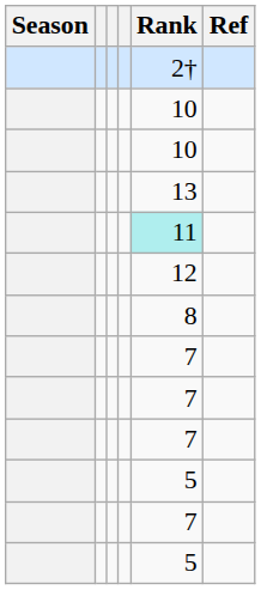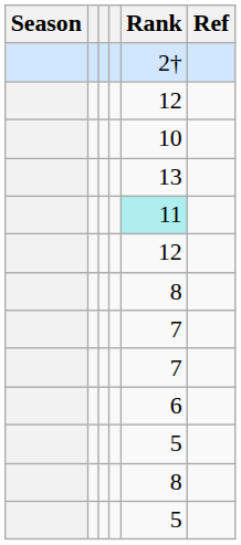 <table class="wikitable plainrowheaders sortable">
 <tr>
 <th scope=col>Season</th>
 <th scope=col></th>
 <th scope=col></th>
 <th scope=col></th>
 <th scope=col>Rank</th>
 <th scope=col class="unsortable">Ref</th>
 </tr>
 <tr>
 <th scope=row align=right style="background-color: #D0E7FF"></th>
 <td align=right style="background-color: #D0E7FF"></td>
 <td align=right style="background-color: #D0E7FF"></td>
 <td align=right style="background-color: #D0E7FF"></td>
 <td align=right style="background-color: #D0E7FF">2†</td>
 <td align=center style="background-color: #D0E7FF"></td>
 </tr>
 <tr>
 <th scope=row align=right></th>
 <td align=right></td>
 <td align=right></td>
 <td align=right></td>
-<td align=right>10</td>
+<td align=right>12</td>
 <td align=center></td>
 </tr>
 <tr>
 <th scope=row align=right></th>
 <td align=right></td>
 <td align=right></td>
 <td align=right></td>
 <td align=right>10</td>
 <td align=center></td>
 </tr>
 <tr>
 <th scope=row align=right></th>
 <td align=right></td>
 <td align=right></td>
 <td align=right></td>
 <td align=right>13</td>
 <td align=center></td>
 </tr>
 <tr>
 <th scope=row align=right></th>
 <td align=right></td>
 <td align=right></td>
 <td align=right></td>
 <td align=right style="background: paleturquoise;">11</td>
 <td align=center></td>
 </tr>
 <tr>
 <th scope=row align=right></th>
 <td align=right></td>
 <td align=right></td>
 <td align=right></td>
 <td align=right>12</td>
 <td align=center></td>
 </tr>
 <tr>
 <th scope=row align=right></th>
 <td align=right></td>
 <td align=right></td>
 <td align=right></td>
 <td align=right>8</td>
 <td align=center></td>
 </tr>
 <tr>
 <th scope=row align=right></th>
 <td align=right></td>
 <td align=right></td>
 <td align=right></td>
 <td align=right>7</td>
 <td align=center></td>
 </tr>
 <tr>
 <th scope=row align=right></th>
 <td align=right></td>
 <td align=right></td>
 <td align=right></td>
 <td align=right>7</td>
 <td align=center></td>
 </tr>
 <tr>
 <th scope=row align=right></th>
 <td align=right></td>
 <td align=right></td>
 <td align=right></td>
-<td align=right>7</td>
+<td align=right>6</td>
 <td align=center></td>
 </tr>
 <tr>
 <th scope=row align=right></th>
 <td align=right></td>
 <td align=right></td>
 <td align=right></td>
 <td align=right>5</td>
 <td align=center></td>
 </tr>
 <tr>
 <th scope=row align=right></th>
 <td align=right></td>
 <td align=right></td>
 <td align=right></td>
-<td align=right>7</td>
+<td align=right>8</td>
 <td align=center></td>
 </tr>
 <tr>
 <th scope=row align=right></th>
 <td align=right></td>
 <td align=right></td>
 <td align=right></td>
 <td align=right>5</td>
 <td align=center></td>
 </tr>
 </table>
